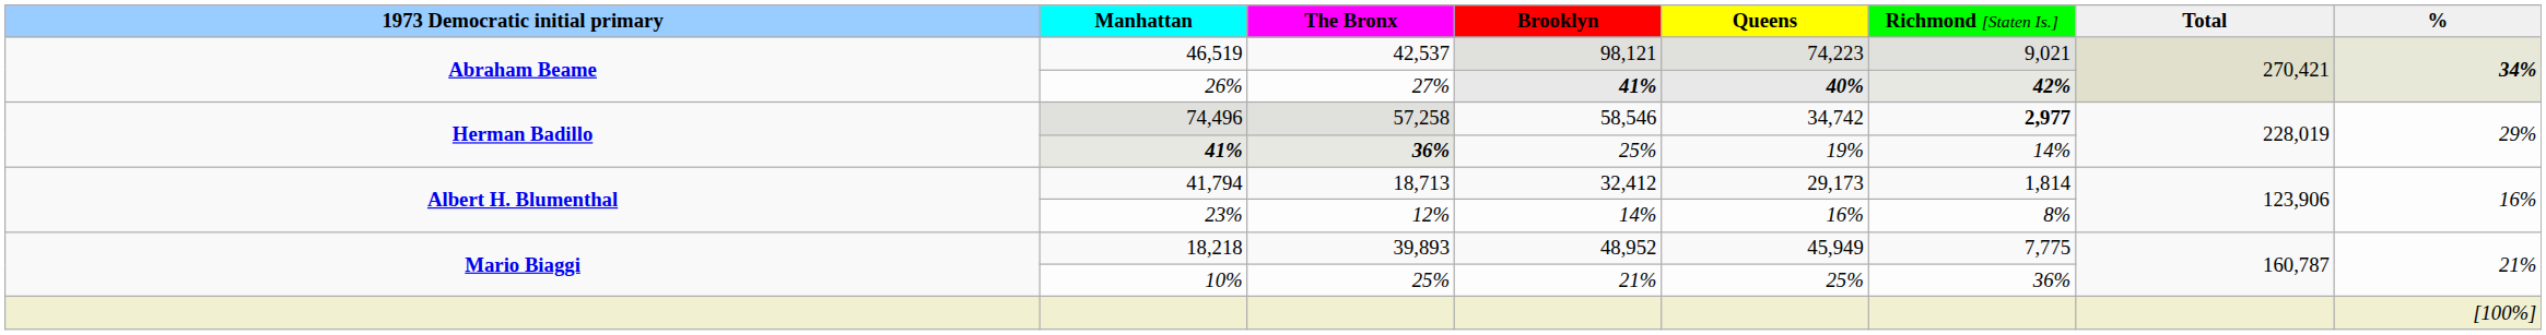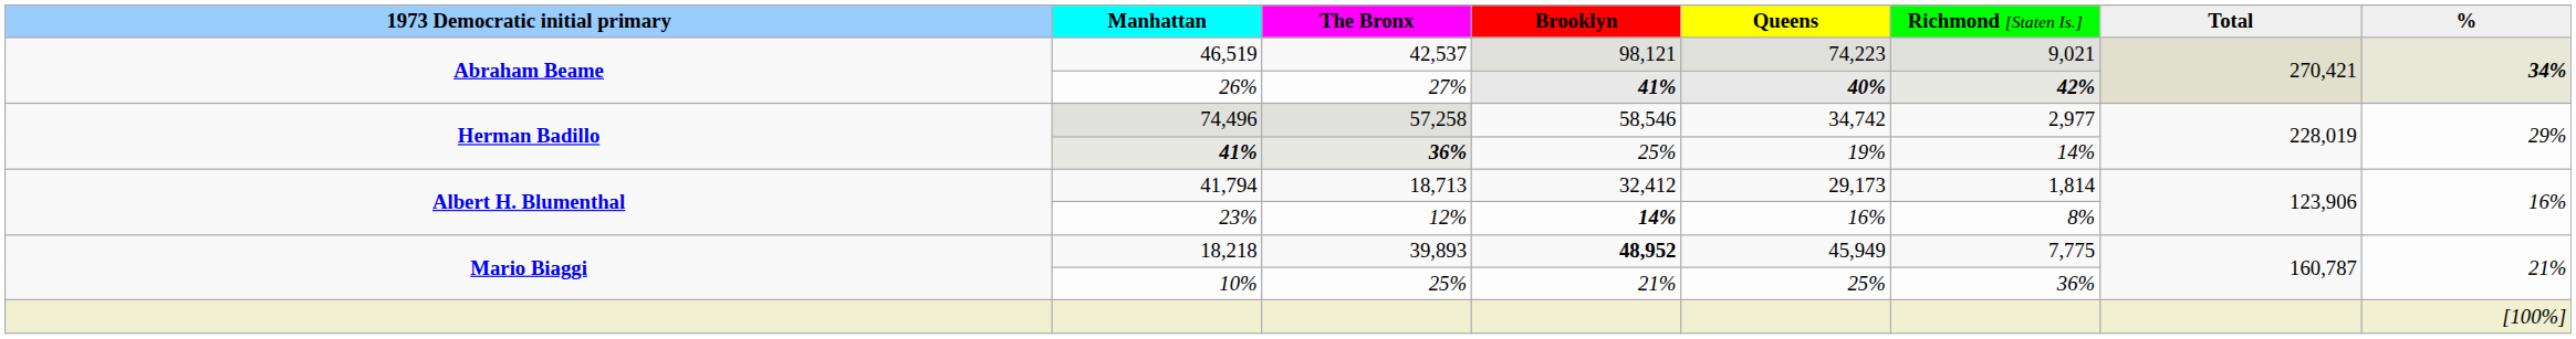 <table class="wikitable" style="width:100%; text-align:right;">
 <tr style="text-align:center;">
 <td style="width:40%; background:#9cf;"><strong>1973 Democratic initial primary</strong></td>
 <td style="width:8%; background:aqua;"><strong>Manhattan</strong></td>
 <td style="width:8%; background:magenta;"><strong>The Bronx</strong></td>
 <td style="width:8%; background:red;"><strong>Brooklyn</strong></td>
 <td style="width:8%; background:yellow;"><strong>Queens</strong></td>
 <td style="width:8%; background:lime;"><strong>Richmond</strong> <small><em>[Staten Is.]</em></small></td>
 <td style="width:10%; background:#f0f0f0;"><strong>Total</strong></td>
 <td style="width:8%; background:#f0f0f0;"><strong>%</strong></td>
 </tr>
 <tr>
 <td rowspan="2" style="text-align:center;"><strong><a href='#'>Abraham Beame</a></strong></td>
 <td>46,519</td>
 <td>42,537</td>
 <td style="background:#e0e0dd;">98,121</td>
 <td style="background:#e0e0dd;">74,223</td>
 <td style="background:#e0e0dd;">9,021</td>
 <td rowspan="2" style="background:#e0e0cc;">270,421</td>
 <td rowspan="2" style="background:#e8e8d8;"><strong><em>34%</em></strong></td>
 </tr>
 <tr style="background:#fdfdfd;">
 <td><em>26%</em></td>
 <td><em>27%</em></td>
 <td style="background:#e8e8e8;"><strong><em>41%</em></strong></td>
 <td style="background:#e8e8e8;"><strong><em>40%</em></strong></td>
 <td style="background:#e8e8e3;"><strong><em>42%</em></strong></td>
 </tr>
 <tr>
 <td rowspan="2" style="text-align:center;"><strong><a href='#'>Herman Badillo</a></strong></td>
 <td style="background:#e0e0dd;">74,496</td>
 <td style="background:#e0e0dd;">57,258</td>
 <td>58,546</td>
 <td>34,742</td>
-<td><strong>2,977</strong></td>
+<td>2,977</td>
 <td rowspan="2">228,019</td>
 <td rowspan="2" style="background:#fdfdfd;"><em>29%</em></td>
 </tr>
 <tr |-bgcolor="fdfdfd">
 <td style="background:#e8e8e3;"><strong><em>41%</em></strong></td>
 <td style="background:#e8e8e3;"><strong><em>36%</em></strong></td>
 <td><em>25%</em></td>
 <td><em>19%</em></td>
 <td><em>14%</em></td>
 </tr>
 <tr>
 <td rowspan="2" style="text-align:center;"><strong><a href='#'>Albert H. Blumenthal</a></strong></td>
 <td>41,794</td>
 <td>18,713</td>
 <td>32,412</td>
 <td>29,173</td>
 <td>1,814</td>
 <td rowspan="2">123,906</td>
 <td rowspan="2" style="background:#fdfdfd;"><em>16%</em></td>
 </tr>
 <tr style="background:#fdfdfd;">
 <td><em>23%</em></td>
 <td><em>12%</em></td>
-<td><em>14%</em></td>
+<td><strong><em>14%</em></strong></td>
 <td><em>16%</em></td>
 <td><em>8%</em></td>
 </tr>
 <tr>
 <td rowspan="2" style="text-align:center;"><strong><a href='#'>Mario Biaggi</a></strong></td>
 <td>18,218</td>
 <td>39,893</td>
-<td>48,952</td>
+<td><strong>48,952</strong></td>
 <td>45,949</td>
 <td>7,775</td>
 <td rowspan="2">160,787</td>
 <td rowspan="2" style="background:#fdfdfd;"><em>21%</em></td>
 </tr>
 <tr style="background:#fdfdfd;">
 <td><em>10%</em></td>
 <td><em>25%</em></td>
 <td><em>21%</em></td>
 <td><em>25%</em></td>
 <td><em>36%</em></td>
 </tr>
 <tr style="background:#f1f1d1;">
 <td></td>
 <td></td>
 <td></td>
 <td></td>
 <td></td>
 <td></td>
 <td></td>
 <td><em>[100%]</em></td>
 </tr>
 </table>
